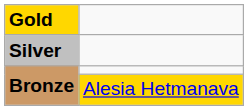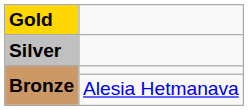 <table class="wikitable">
 <tr>
 <td bgcolor="gold"><strong>Gold</strong></td>
 <td></td>
 </tr>
 <tr>
 <td bgcolor="silver"><strong>Silver</strong></td>
 <td></td>
 </tr>
 <tr>
 <td rowspan="2" bgcolor="#cc9966"><strong>Bronze</strong></td>
 <td></td>
 </tr>
 <tr>
-<td {{flagathlete style="background: gold;"> <a href='#'>Alesia Hetmanava</a> </td>
+<td {{flagathlete> <a href='#'>Alesia Hetmanava</a> </td>
 </tr>
 </table>
